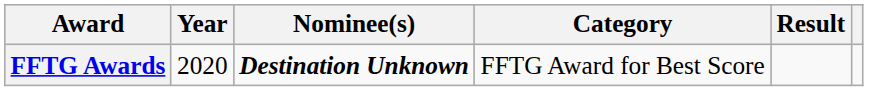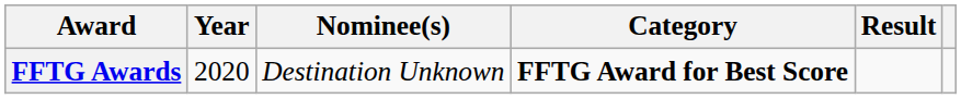 <table class="wikitable sortable plainrowheaders">
 <tr>
 <th scope="col">Award</th>
 <th scope="col">Year</th>
 <th scope="col">Nominee(s)</th>
 <th scope="col">Category</th>
 <th scope="col">Result</th>
 <th scope="col" class="unsortable"></th>
 </tr>
 <tr>
 <th scope="row" rowspan=7><a href='#'>FFTG Awards</a></th>
 <td rowspan=3>2020</td>
-<td><strong><em>Destination Unknown</em></strong></td>
-<td>FFTG Award for Best Score</td>
+<td><em>Destination Unknown</em></td>
+<td><strong>FFTG Award for Best Score</strong></td>
 <td></td>
 <td rowspan=7></td>
 </tr>
 </table>
